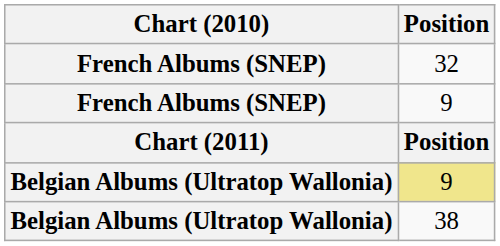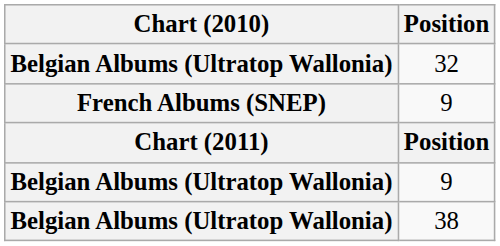 <table class="wikitable sortable plainrowheaders" style="text-align:center">
 <tr>
 <th scope="col">Chart (2010)</th>
 <th scope="col">Position</th>
 </tr>
 <tr>
-<th scope="row">French Albums (SNEP)</th>
+<th scope="row">Belgian Albums (Ultratop Wallonia)</th>
 <td>32</td>
 </tr>
 <tr>
 <th scope="row">French Albums (SNEP)</th>
 <td>9</td>
 </tr>
 <tr>
 <th scope="col">Chart (2011)</th>
 <th scope="col">Position</th>
 </tr>
 <tr>
 <th scope="row">Belgian Albums (Ultratop Wallonia)</th>
-<td style="background: khaki;">9</td>
+<td>9</td>
 </tr>
 <tr>
 <th scope="row">Belgian Albums (Ultratop Wallonia)</th>
 <td>38</td>
 </tr>
 </table>
